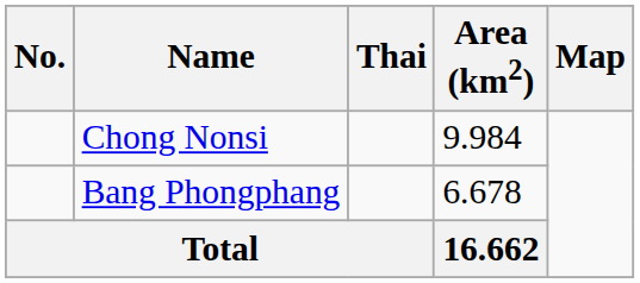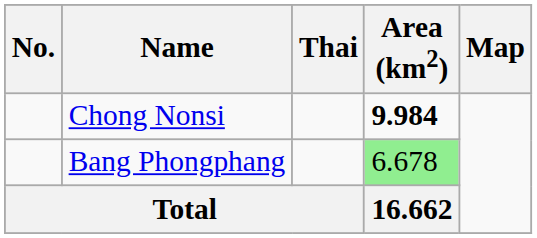 <table class="wikitable sortable">
 <tr>
 <th>No.</th>
 <th>Name</th>
 <th>Thai</th>
 <th>Area<br>(km<sup>2</sup>)</th>
 <th>Map</th>
 </tr>
 <tr>
 <td></td>
 <td><a href='#'>Chong Nonsi</a></td>
 <td></td>
-<td><div>9.984</div></td>
+<td><strong><div>9.984</div></strong></td>
 <td rowspan=3></td>
 </tr>
 <tr>
 <td></td>
 <td><a href='#'>Bang Phongphang</a></td>
 <td></td>
-<td><div>6.678</div></td>
+<td style="background: lightgreen;"><div>6.678</div></td>
 </tr>
 <tr>
 <th colspan=3>Total</th>
 <th><div>16.662</div></th>
 </tr>
 </table>
